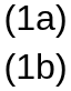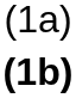 <table border="0" width="100%">
 <tr>
 <td width="33%"></td>
 <td width="34%" align="center"></td>
 <td width="33%" align="center">(1a)</td>
 </tr>
 <tr>
 <td width="33%"></td>
 <td width="34%" align="center"></td>
-<td width="33%" align="center">(1b)</td>
+<td width="33%" align="center"><strong>(1b)</strong></td>
 </tr>
 </table>
